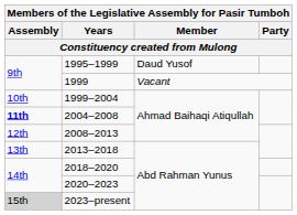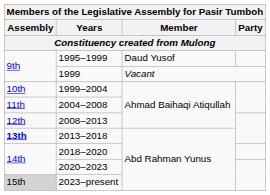 <table class="wikitable">
 <tr>
 <th colspan="4">Members of the Legislative Assembly for Pasir Tumboh</th>
 </tr>
 <tr>
 <th>Assembly</th>
 <th>Years</th>
 <th>Member</th>
 <th>Party</th>
 </tr>
 <tr>
 <th colspan="4" align="center"><em>Constituency created from Mulong</em></th>
 </tr>
 <tr>
 <td rowspan="2"><a href='#'>9th</a></td>
 <td>1995–1999</td>
 <td>Daud Yusof</td>
 <td></td>
 </tr>
 <tr>
 <td>1999</td>
 <td colspan="2"><em>Vacant</em></td>
 </tr>
 <tr>
 <td><a href='#'>10th</a></td>
 <td>1999–2004</td>
 <td rowspan="3">Ahmad Baihaqi Atiqullah</td>
 <td rowspan="2"></td>
 </tr>
 <tr>
-<td><strong><a href='#'>11th</a></strong></td>
+<td><a href='#'>11th</a></td>
 <td>2004–2008</td>
 </tr>
 <tr>
 <td><a href='#'>12th</a></td>
 <td>2008–2013</td>
 <td rowspan="2"></td>
 </tr>
 <tr>
-<td><a href='#'>13th</a></td>
+<td><strong><a href='#'>13th</a></strong></td>
 <td>2013–2018</td>
 <td rowspan="4">Abd Rahman Yunus</td>
 </tr>
 <tr>
 <td rowspan="2"><a href='#'>14th</a></td>
 <td>2018–2020</td>
 <td></td>
 </tr>
 <tr>
 <td>2020–2023</td>
 <td rowspan="2"></td>
 </tr>
 <tr>
 <td style="background: lightgrey;">15th</td>
 <td>2023–present</td>
 </tr>
 </table>
